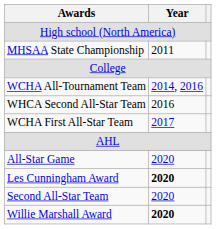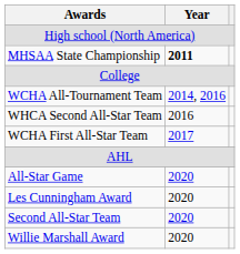 <table class="wikitable">
 <tr>
 <th>Awards</th>
 <th>Year</th>
 <th></th>
 </tr>
 <tr ALIGN="center" bgcolor="#e0e0e0">
 <td colspan="3"><a href='#'>High school (North America)</a></td>
 </tr>
 <tr>
 <td><a href='#'>MHSAA</a> State Championship</td>
-<td>2011</td>
+<td><strong>2011</strong></td>
 </tr>
 <tr ALIGN="center" bgcolor="#e0e0e0">
 <td colspan="3"><a href='#'>College</a></td>
 </tr>
 <tr>
 <td><a href='#'>WCHA</a> All-Tournament Team</td>
 <td><a href='#'>2014</a>, <a href='#'>2016</a></td>
 <td></td>
 </tr>
 <tr>
 <td>WHCA Second All-Star Team</td>
 <td>2016</td>
 <td></td>
 </tr>
 <tr>
 <td>WCHA First All-Star Team</td>
 <td><a href='#'>2017</a></td>
 <td></td>
 </tr>
 <tr ALIGN="center" bgcolor="#e0e0e0">
 <td colspan="3"><a href='#'>AHL</a></td>
 </tr>
 <tr>
 <td><a href='#'>All-Star Game</a></td>
 <td><a href='#'>2020</a></td>
 <td></td>
 </tr>
 <tr>
 <td><a href='#'>Les Cunningham Award</a></td>
-<td><strong>2020</strong></td>
+<td>2020</td>
 <td></td>
 </tr>
 <tr>
 <td><a href='#'>Second All-Star Team</a></td>
 <td><a href='#'>2020</a></td>
 <td></td>
 </tr>
 <tr>
 <td><a href='#'>Willie Marshall Award</a></td>
-<td><strong>2020</strong></td>
+<td>2020</td>
 <td></td>
 </tr>
 </table>
